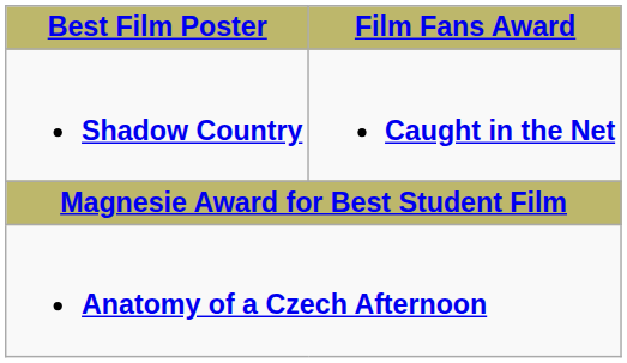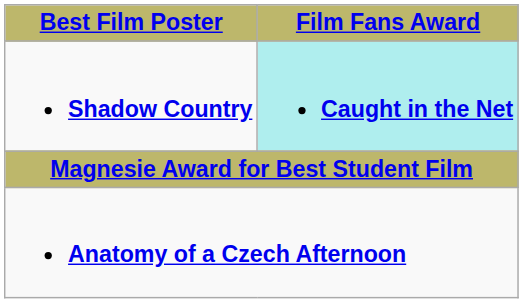 <table class=wikitable>
 <tr>
 <th style="background:#BDB76B;"><a href='#'>Best Film Poster</a></th>
 <th style="background:#BDB76B;"><a href='#'>Film Fans Award</a></th>
 </tr>
 <tr>
 <td valign="top"><br><ul><li><strong><a href='#'>Shadow Country</a></strong></li></ul></td>
-<td valign="top"><br><ul><li><strong><a href='#'>Caught in the Net</a></strong></li></ul></td>
+<td valign="top" style="background: paleturquoise;"><br><ul><li><strong><a href='#'>Caught in the Net</a></strong></li></ul></td>
 </tr>
 <tr>
 <th style="background:#BDB76B;" colspan="2"><a href='#'>Magnesie Award for Best Student Film</a></th>
 </tr>
 <tr>
 <td colspan="2"><br><ul><li><strong><a href='#'>Anatomy of a Czech Afternoon</a></strong></li></ul></td>
 </tr>
 </table>
